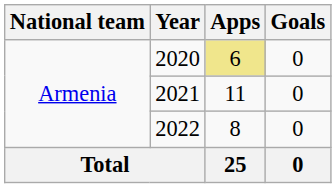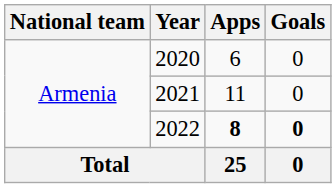 <table class="wikitable" style="text-align:center">
 <tr>
 <th>National team</th>
 <th>Year</th>
 <th>Apps</th>
 <th>Goals</th>
 </tr>
 <tr>
 <td rowspan="3"><a href='#'>Armenia</a></td>
 <td>2020</td>
-<td style="background: khaki;">6</td>
+<td>6</td>
 <td>0</td>
 </tr>
 <tr>
 <td>2021</td>
 <td>11</td>
 <td>0</td>
 </tr>
 <tr>
 <td>2022</td>
-<td>8</td>
-<td>0</td>
+<td><strong>8</strong></td>
+<td><strong>0</strong></td>
 </tr>
 <tr>
 <th colspan="2">Total</th>
 <th>25</th>
 <th>0</th>
 </tr>
 </table>
